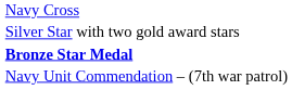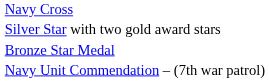 <table>
 <tr>
 <td> <a href='#'>Navy Cross</a></td>
 </tr>
 <tr>
 <td> <a href='#'>Silver Star</a> with two gold award stars</td>
 </tr>
 <tr>
-<td><strong> <a href='#'>Bronze Star Medal</a></strong></td>
+<td> <a href='#'>Bronze Star Medal</a></td>
 </tr>
 <tr>
 <td> <a href='#'>Navy Unit Commendation</a> –  (7th war patrol)</td>
 </tr>
 </table>
